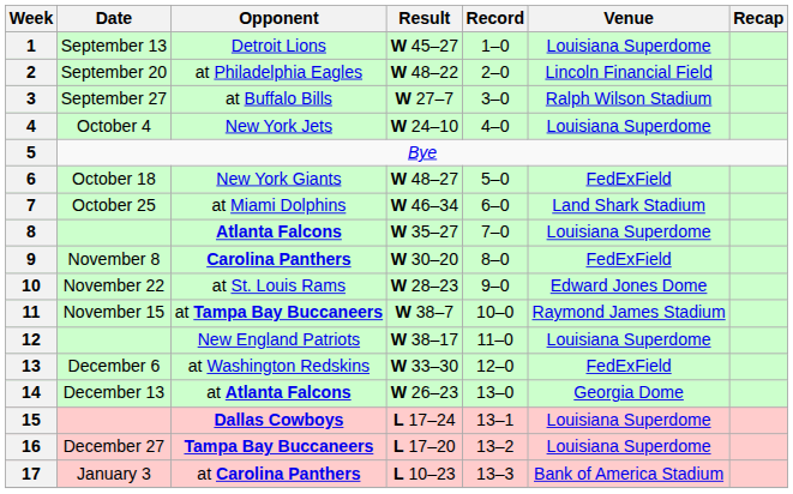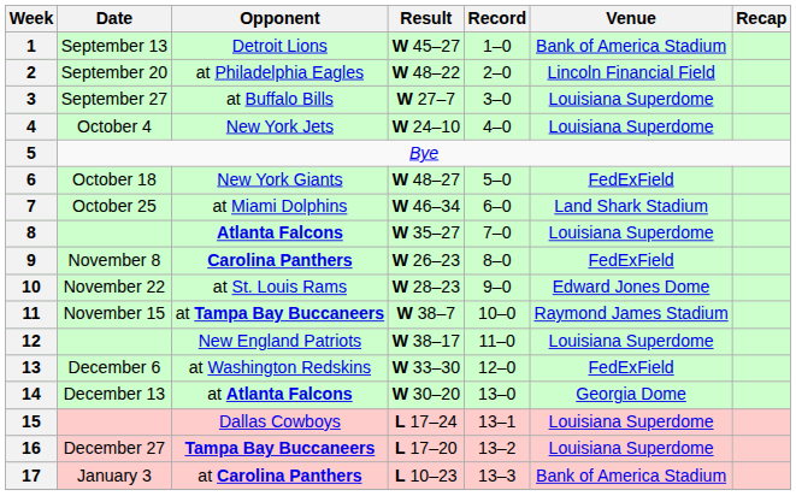 <table class="wikitable" style="text-align:center">
 <tr>
 <th>Week</th>
 <th>Date</th>
 <th>Opponent</th>
 <th>Result</th>
 <th>Record</th>
 <th>Venue</th>
 <th>Recap</th>
 </tr>
 <tr style="background:#cfc;">
 <th>1</th>
 <td>September 13</td>
 <td><a href='#'>Detroit Lions</a></td>
 <td><strong>W</strong> 45–27</td>
 <td>1–0</td>
-<td><a href='#'>Louisiana Superdome</a></td>
+<td><a href='#'>Bank of America Stadium</a></td>
 <td></td>
 </tr>
 <tr style="background:#cfc;">
 <th>2</th>
 <td>September 20</td>
 <td>at <a href='#'>Philadelphia Eagles</a></td>
 <td><strong>W</strong> 48–22</td>
 <td>2–0</td>
 <td><a href='#'>Lincoln Financial Field</a></td>
 <td></td>
 </tr>
 <tr style="background:#cfc;">
 <th>3</th>
 <td>September 27</td>
 <td>at <a href='#'>Buffalo Bills</a></td>
 <td><strong>W</strong> 27–7</td>
 <td>3–0</td>
-<td><a href='#'>Ralph Wilson Stadium</a></td>
+<td><a href='#'>Louisiana Superdome</a></td>
 <td></td>
 </tr>
 <tr style="background:#cfc;">
 <th>4</th>
 <td>October 4</td>
 <td><a href='#'>New York Jets</a></td>
 <td><strong>W</strong> 24–10</td>
 <td>4–0</td>
 <td><a href='#'>Louisiana Superdome</a></td>
 <td></td>
 </tr>
 <tr>
 <th>5</th>
 <td colspan="9"><em><a href='#'>Bye</a></em></td>
 </tr>
 <tr style="background:#cfc;">
 <th>6</th>
 <td>October 18</td>
 <td><a href='#'>New York Giants</a></td>
 <td><strong>W</strong> 48–27</td>
 <td>5–0</td>
 <td><a href='#'>FedExField</a></td>
 <td></td>
 </tr>
 <tr style="background:#cfc;">
 <th>7</th>
 <td>October 25</td>
 <td>at <a href='#'>Miami Dolphins</a></td>
 <td><strong>W</strong> 46–34</td>
 <td>6–0</td>
 <td><a href='#'>Land Shark Stadium</a></td>
 <td></td>
 </tr>
 <tr style="background:#cfc;">
 <th>8</th>
 <td></td>
 <td><strong><a href='#'>Atlanta Falcons</a></strong></td>
 <td><strong>W</strong> 35–27</td>
 <td>7–0</td>
 <td><a href='#'>Louisiana Superdome</a></td>
 <td></td>
 </tr>
 <tr style="background:#cfc;">
 <th>9</th>
 <td>November 8</td>
 <td><strong><a href='#'>Carolina Panthers</a></strong></td>
-<td><strong>W</strong> 30–20</td>
+<td><strong>W</strong> 26–23</td>
 <td>8–0</td>
 <td><a href='#'>FedExField</a></td>
 <td></td>
 </tr>
 <tr style="background:#cfc;">
 <th>10</th>
 <td>November 22</td>
 <td>at <a href='#'>St. Louis Rams</a></td>
 <td><strong>W</strong> 28–23</td>
 <td>9–0</td>
 <td><a href='#'>Edward Jones Dome</a></td>
 <td></td>
 </tr>
 <tr style="background:#cfc;">
 <th>11</th>
 <td>November 15</td>
 <td>at <strong><a href='#'>Tampa Bay Buccaneers</a></strong></td>
 <td><strong>W</strong> 38–7</td>
 <td>10–0</td>
 <td><a href='#'>Raymond James Stadium</a></td>
 <td></td>
 </tr>
 <tr style="background:#cfc;">
 <th>12</th>
 <td></td>
 <td><a href='#'>New England Patriots</a></td>
 <td><strong>W</strong> 38–17</td>
 <td>11–0</td>
 <td><a href='#'>Louisiana Superdome</a></td>
 <td></td>
 </tr>
 <tr style="background:#cfc;">
 <th>13</th>
 <td>December 6</td>
 <td>at <a href='#'>Washington Redskins</a></td>
 <td><strong>W</strong> 33–30 </td>
 <td>12–0</td>
 <td><a href='#'>FedExField</a></td>
 <td></td>
 </tr>
 <tr style="background:#cfc;">
 <th>14</th>
 <td>December 13</td>
 <td>at <strong><a href='#'>Atlanta Falcons</a></strong></td>
-<td><strong>W</strong> 26–23</td>
+<td><strong>W</strong> 30–20</td>
 <td>13–0</td>
 <td><a href='#'>Georgia Dome</a></td>
 <td></td>
 </tr>
 <tr style="background:#fcc;">
 <th>15</th>
 <td></td>
-<td><strong><a href='#'>Dallas Cowboys</a></strong></td>
+<td><a href='#'>Dallas Cowboys</a></td>
 <td><strong>L</strong> 17–24</td>
 <td>13–1</td>
 <td><a href='#'>Louisiana Superdome</a></td>
 <td></td>
 </tr>
 <tr style="background:#fcc;">
 <th>16</th>
 <td>December 27</td>
 <td><strong><a href='#'>Tampa Bay Buccaneers</a></strong></td>
 <td><strong>L</strong> 17–20 </td>
 <td>13–2</td>
 <td><a href='#'>Louisiana Superdome</a></td>
 <td></td>
 </tr>
 <tr style="background:#fcc;">
 <th>17</th>
 <td>January 3</td>
 <td>at <strong><a href='#'>Carolina Panthers</a></strong></td>
 <td><strong>L</strong> 10–23</td>
 <td>13–3</td>
 <td><a href='#'>Bank of America Stadium</a></td>
 <td></td>
 </tr>
 <tr>
 </tr>
 </table>
